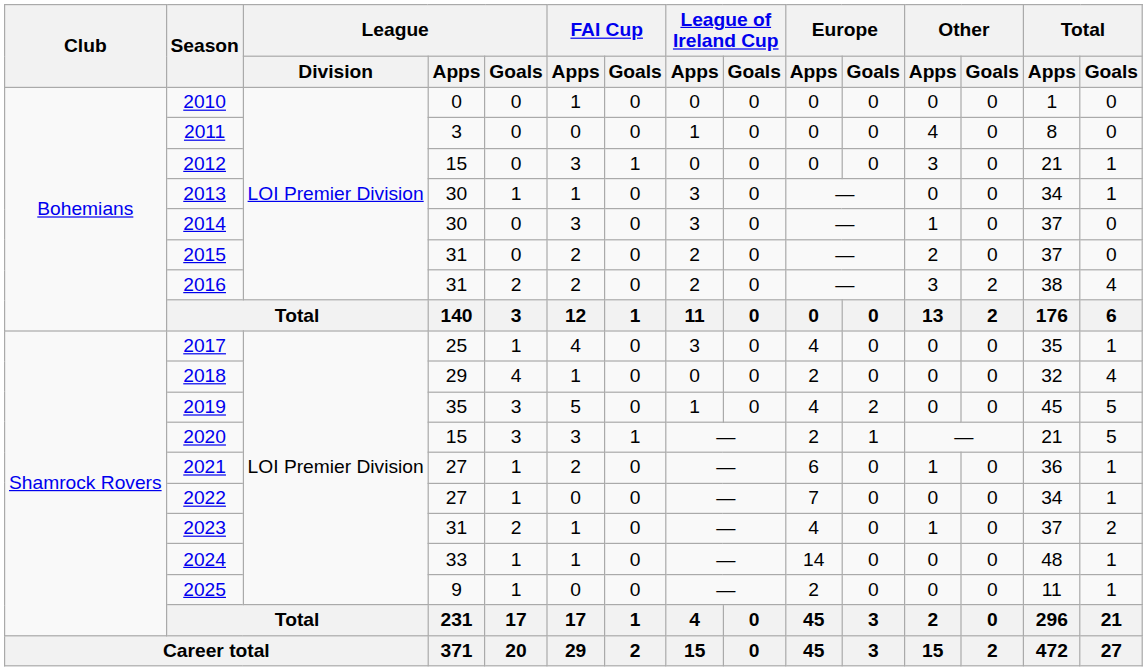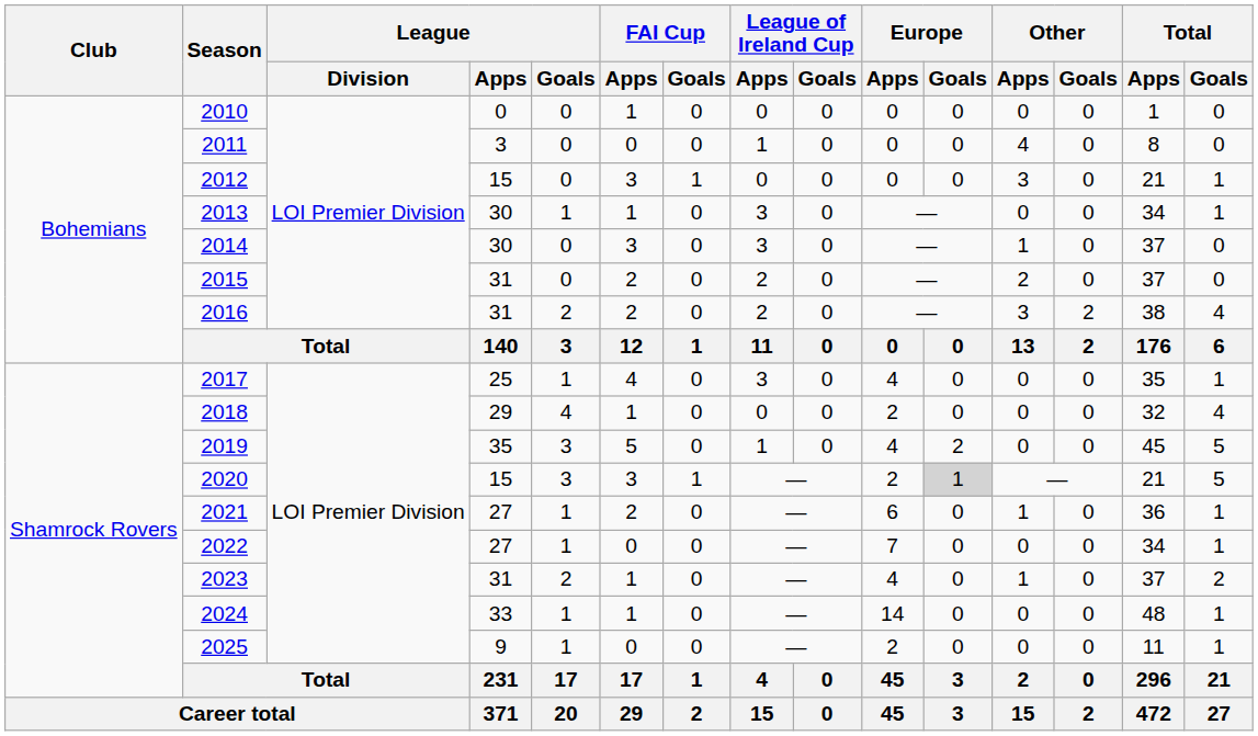 <table class="wikitable" style="text-align:center">
 <tr>
 <th rowspan="2">Club</th>
 <th rowspan="2">Season</th>
 <th colspan="3">League</th>
 <th colspan="2"><a href='#'>FAI Cup</a></th>
 <th colspan="2"><a href='#'>League of Ireland Cup</a></th>
 <th colspan="2">Europe</th>
 <th colspan="2">Other</th>
 <th colspan="2">Total</th>
 </tr>
 <tr>
 <th>Division</th>
 <th width="40">Apps</th>
 <th width="40">Goals</th>
 <th width="40">Apps</th>
 <th width="40">Goals</th>
 <th width="40">Apps</th>
 <th width="40">Goals</th>
 <th width="40">Apps</th>
 <th width="40">Goals</th>
 <th width="40">Apps</th>
 <th width="40">Goals</th>
 <th width="40">Apps</th>
 <th width="40">Goals</th>
 </tr>
 <tr>
 <td rowspan="8"><a href='#'>Bohemians</a></td>
 <td><a href='#'>2010</a></td>
 <td rowspan="7"><a href='#'>LOI Premier Division</a></td>
 <td>0</td>
 <td>0</td>
 <td>1</td>
 <td>0</td>
 <td>0</td>
 <td>0</td>
 <td>0</td>
 <td>0</td>
 <td>0</td>
 <td>0</td>
 <td>1</td>
 <td>0</td>
 </tr>
 <tr>
 <td><a href='#'>2011</a></td>
 <td>3</td>
 <td>0</td>
 <td>0</td>
 <td>0</td>
 <td>1</td>
 <td>0</td>
 <td>0</td>
 <td>0</td>
 <td>4</td>
 <td>0</td>
 <td>8</td>
 <td>0</td>
 </tr>
 <tr>
 <td><a href='#'>2012</a></td>
 <td>15</td>
 <td>0</td>
 <td>3</td>
 <td>1</td>
 <td>0</td>
 <td>0</td>
 <td>0</td>
 <td>0</td>
 <td>3</td>
 <td>0</td>
 <td>21</td>
 <td>1</td>
 </tr>
 <tr>
 <td><a href='#'>2013</a></td>
 <td>30</td>
 <td>1</td>
 <td>1</td>
 <td>0</td>
 <td>3</td>
 <td>0</td>
 <td colspan="2">—</td>
 <td>0</td>
 <td>0</td>
 <td>34</td>
 <td>1</td>
 </tr>
 <tr>
 <td><a href='#'>2014</a></td>
 <td>30</td>
 <td>0</td>
 <td>3</td>
 <td>0</td>
 <td>3</td>
 <td>0</td>
 <td colspan="2">—</td>
 <td>1</td>
 <td>0</td>
 <td>37</td>
 <td>0</td>
 </tr>
 <tr>
 <td><a href='#'>2015</a></td>
 <td>31</td>
 <td>0</td>
 <td>2</td>
 <td>0</td>
 <td>2</td>
 <td>0</td>
 <td colspan="2">—</td>
 <td>2</td>
 <td>0</td>
 <td>37</td>
 <td>0</td>
 </tr>
 <tr>
 <td><a href='#'>2016</a></td>
 <td>31</td>
 <td>2</td>
 <td>2</td>
 <td>0</td>
 <td>2</td>
 <td>0</td>
 <td colspan="2">—</td>
 <td>3</td>
 <td>2</td>
 <td>38</td>
 <td>4</td>
 </tr>
 <tr>
 <th colspan="2">Total</th>
 <th>140</th>
 <th>3</th>
 <th>12</th>
 <th>1</th>
 <th>11</th>
 <th>0</th>
 <th>0</th>
 <th>0</th>
 <th>13</th>
 <th>2</th>
 <th>176</th>
 <th>6</th>
 </tr>
 <tr>
 <td rowspan="10"><a href='#'>Shamrock Rovers</a></td>
 <td><a href='#'>2017</a></td>
 <td rowspan="9">LOI Premier Division</td>
 <td>25</td>
 <td>1</td>
 <td>4</td>
 <td>0</td>
 <td>3</td>
 <td>0</td>
 <td>4</td>
 <td>0</td>
 <td>0</td>
 <td>0</td>
 <td>35</td>
 <td>1</td>
 </tr>
 <tr>
 <td><a href='#'>2018</a></td>
 <td>29</td>
 <td>4</td>
 <td>1</td>
 <td>0</td>
 <td>0</td>
 <td>0</td>
 <td>2</td>
 <td>0</td>
 <td>0</td>
 <td>0</td>
 <td>32</td>
 <td>4</td>
 </tr>
 <tr>
 <td><a href='#'>2019</a></td>
 <td>35</td>
 <td>3</td>
 <td>5</td>
 <td>0</td>
 <td>1</td>
 <td>0</td>
 <td>4</td>
 <td>2</td>
 <td>0</td>
 <td>0</td>
 <td>45</td>
 <td>5</td>
 </tr>
 <tr>
 <td><a href='#'>2020</a></td>
 <td>15</td>
 <td>3</td>
 <td>3</td>
 <td>1</td>
 <td colspan="2">—</td>
 <td>2</td>
-<td>1</td>
+<td style="background: lightgrey;">1</td>
 <td colspan="2">—</td>
 <td>21</td>
 <td>5</td>
 </tr>
 <tr>
 <td><a href='#'>2021</a></td>
 <td>27</td>
 <td>1</td>
 <td>2</td>
 <td>0</td>
 <td colspan="2">—</td>
 <td>6</td>
 <td>0</td>
 <td>1</td>
 <td>0</td>
 <td>36</td>
 <td>1</td>
 </tr>
 <tr>
 <td><a href='#'>2022</a></td>
 <td>27</td>
 <td>1</td>
 <td>0</td>
 <td>0</td>
 <td colspan="2">—</td>
 <td>7</td>
 <td>0</td>
 <td>0</td>
 <td>0</td>
 <td>34</td>
 <td>1</td>
 </tr>
 <tr>
 <td><a href='#'>2023</a></td>
 <td>31</td>
 <td>2</td>
 <td>1</td>
 <td>0</td>
 <td colspan="2">—</td>
 <td>4</td>
 <td>0</td>
 <td>1</td>
 <td>0</td>
 <td>37</td>
 <td>2</td>
 </tr>
 <tr>
 <td><a href='#'>2024</a></td>
 <td>33</td>
 <td>1</td>
 <td>1</td>
 <td>0</td>
 <td colspan="2">—</td>
 <td>14</td>
 <td>0</td>
 <td>0</td>
 <td>0</td>
 <td>48</td>
 <td>1</td>
 </tr>
 <tr>
 <td><a href='#'>2025</a></td>
 <td>9</td>
 <td>1</td>
 <td>0</td>
 <td>0</td>
 <td colspan="2">—</td>
 <td>2</td>
 <td>0</td>
 <td>0</td>
 <td>0</td>
 <td>11</td>
 <td>1</td>
 </tr>
 <tr>
 <th colspan="2">Total</th>
 <th>231</th>
 <th>17</th>
 <th>17</th>
 <th>1</th>
 <th>4</th>
 <th>0</th>
 <th>45</th>
 <th>3</th>
 <th>2</th>
 <th>0</th>
 <th>296</th>
 <th>21</th>
 </tr>
 <tr>
 <th colspan="3">Career total</th>
 <th>371</th>
 <th>20</th>
 <th>29</th>
 <th>2</th>
 <th>15</th>
 <th>0</th>
 <th>45</th>
 <th>3</th>
 <th>15</th>
 <th>2</th>
 <th>472</th>
 <th>27</th>
 </tr>
 </table>
